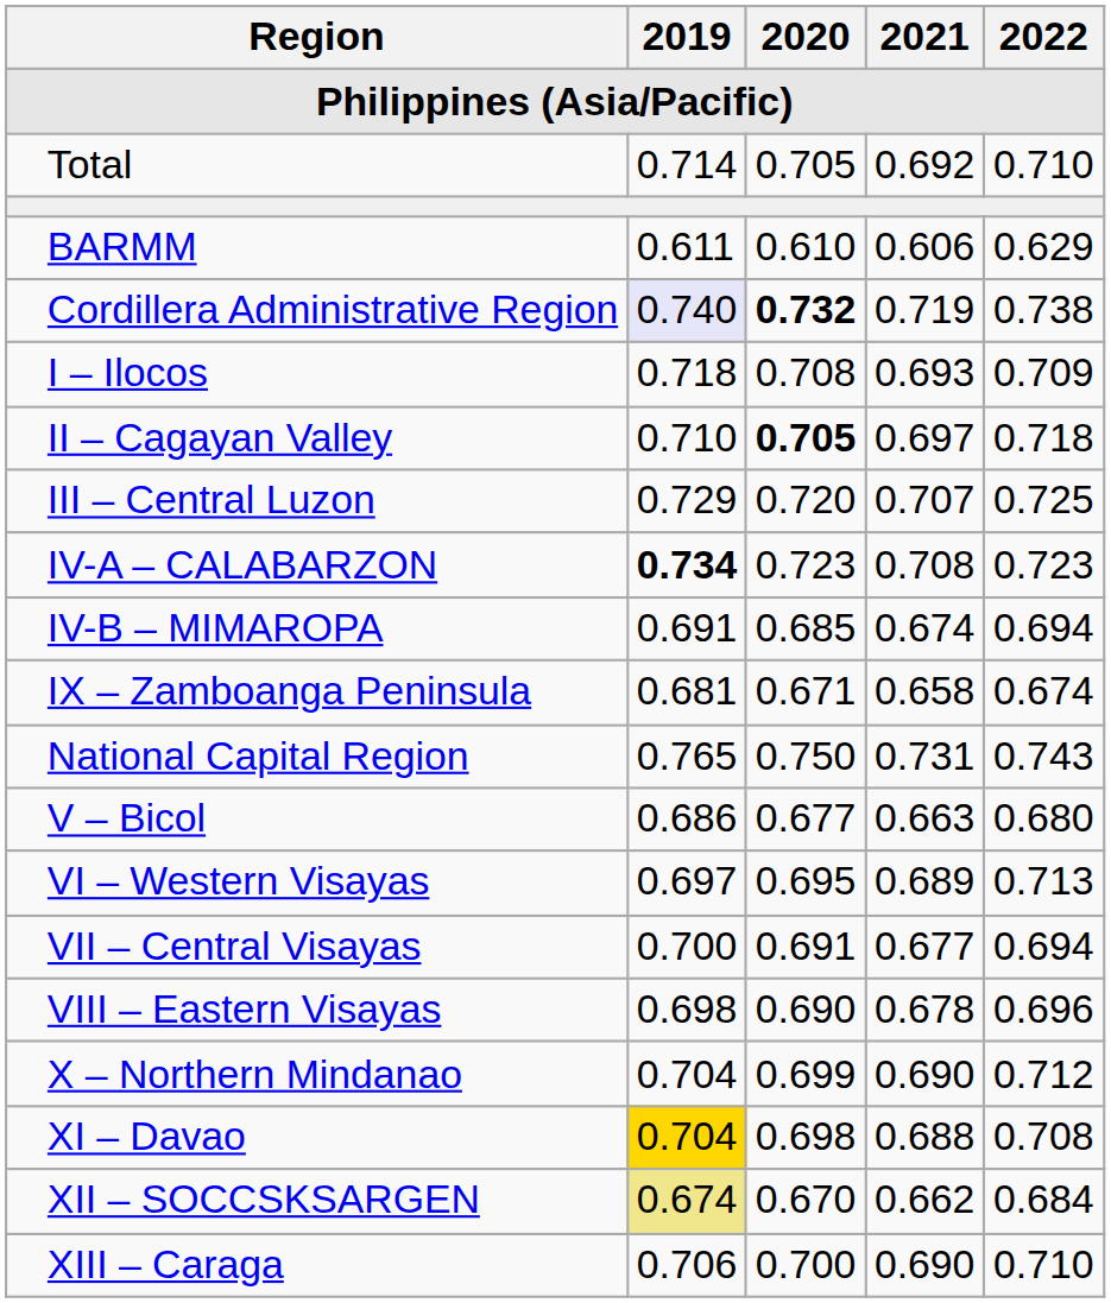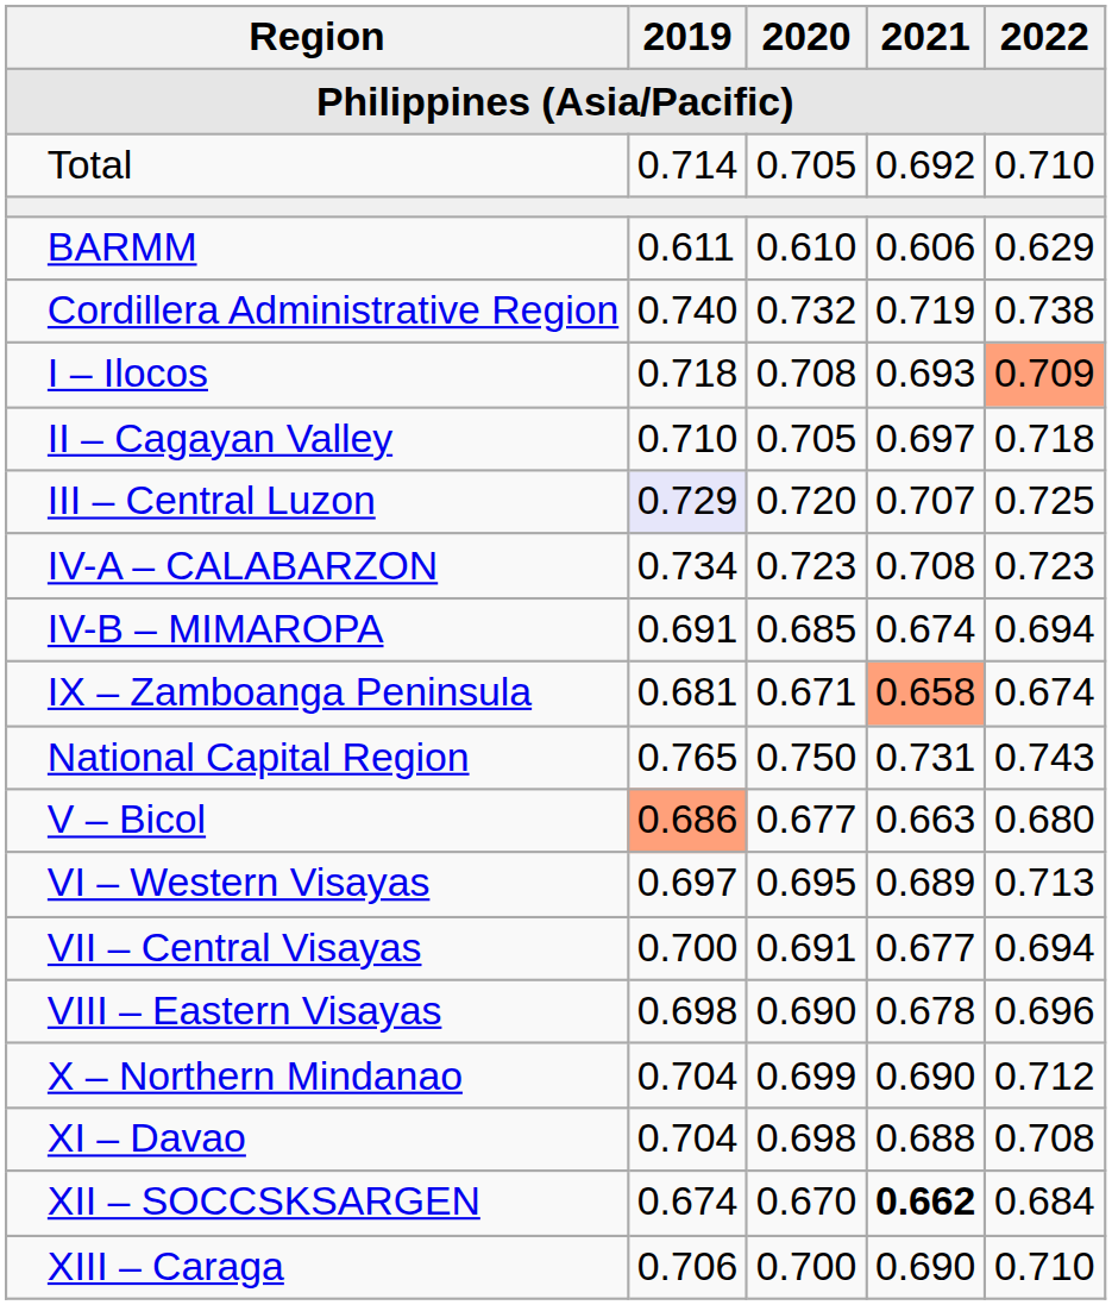 <table class="wikitable sortable">
 <tr>
 <th scope="col">Region</th>
 <th scope="col">2019</th>
 <th scope="col">2020</th>
 <th scope="col">2021</th>
 <th scope="col">2022</th>
 </tr>
 <tr>
 <th scope="row" colspan="5" style="background:#e6e6e6;">Philippines (Asia/Pacific)</th>
 </tr>
 <tr>
 <td style="padding-left:1em;">Total</td>
 <td>0.714</td>
 <td>0.705</td>
 <td>0.692</td>
 <td>0.710</td>
 </tr>
 <tr>
 <th scope="row" colspan="5" style="background:#f0f0f0;"></th>
 </tr>
 <tr>
 <td style="padding-left:1em;"><a href='#'>BARMM</a></td>
 <td>0.611</td>
 <td>0.610</td>
 <td>0.606</td>
 <td>0.629</td>
 </tr>
 <tr>
 <td style="padding-left:1em;"><a href='#'>Cordillera Administrative Region</a></td>
-<td style="background: lavender;">0.740</td>
-<td><strong>0.732</strong></td>
+<td>0.740</td>
+<td>0.732</td>
 <td>0.719</td>
 <td>0.738</td>
 </tr>
 <tr>
 <td style="padding-left:1em;"><a href='#'>I – Ilocos</a></td>
 <td>0.718</td>
 <td>0.708</td>
 <td>0.693</td>
-<td>0.709</td>
+<td style="background: lightsalmon;">0.709</td>
 </tr>
 <tr>
 <td style="padding-left:1em;"><a href='#'>II – Cagayan Valley</a></td>
 <td>0.710</td>
-<td><strong>0.705</strong></td>
+<td>0.705</td>
 <td>0.697</td>
 <td>0.718</td>
 </tr>
 <tr>
 <td style="padding-left:1em;"><a href='#'>III – Central Luzon</a></td>
-<td>0.729</td>
+<td style="background: lavender;">0.729</td>
 <td>0.720</td>
 <td>0.707</td>
 <td>0.725</td>
 </tr>
 <tr>
 <td style="padding-left:1em;"><a href='#'>IV-A – CALABARZON</a></td>
-<td><strong>0.734</strong></td>
+<td>0.734</td>
 <td>0.723</td>
 <td>0.708</td>
 <td>0.723</td>
 </tr>
 <tr>
 <td style="padding-left:1em;"><a href='#'>IV-B – MIMAROPA</a></td>
 <td>0.691</td>
 <td>0.685</td>
 <td>0.674</td>
 <td>0.694</td>
 </tr>
 <tr>
 <td style="padding-left:1em;"><a href='#'>IX – Zamboanga Peninsula</a></td>
 <td>0.681</td>
 <td>0.671</td>
-<td>0.658</td>
+<td style="background: lightsalmon;">0.658</td>
 <td>0.674</td>
 </tr>
 <tr>
 <td style="padding-left:1em;"><a href='#'>National Capital Region</a></td>
 <td>0.765</td>
 <td>0.750</td>
 <td>0.731</td>
 <td>0.743</td>
 </tr>
 <tr>
 <td style="padding-left:1em;"><a href='#'>V – Bicol</a></td>
-<td>0.686</td>
+<td style="background: lightsalmon;">0.686</td>
 <td>0.677</td>
 <td>0.663</td>
 <td>0.680</td>
 </tr>
 <tr>
 <td style="padding-left:1em;"><a href='#'>VI – Western Visayas</a></td>
 <td>0.697</td>
 <td>0.695</td>
 <td>0.689</td>
 <td>0.713</td>
 </tr>
 <tr>
 <td style="padding-left:1em;"><a href='#'>VII – Central Visayas</a></td>
 <td>0.700</td>
 <td>0.691</td>
 <td>0.677</td>
 <td>0.694</td>
 </tr>
 <tr>
 <td style="padding-left:1em;"><a href='#'>VIII – Eastern Visayas</a></td>
 <td>0.698</td>
 <td>0.690</td>
 <td>0.678</td>
 <td>0.696</td>
 </tr>
 <tr>
 <td style="padding-left:1em;"><a href='#'>X – Northern Mindanao</a></td>
 <td>0.704</td>
 <td>0.699</td>
 <td>0.690</td>
 <td>0.712</td>
 </tr>
 <tr>
 <td style="padding-left:1em;"><a href='#'>XI – Davao</a></td>
-<td style="background: gold;">0.704</td>
+<td>0.704</td>
 <td>0.698</td>
 <td>0.688</td>
 <td>0.708</td>
 </tr>
 <tr>
 <td style="padding-left:1em;"><a href='#'>XII – SOCCSKSARGEN</a></td>
-<td style="background: khaki;">0.674</td>
+<td>0.674</td>
 <td>0.670</td>
-<td>0.662</td>
+<td><strong>0.662</strong></td>
 <td>0.684</td>
 </tr>
 <tr>
 <td style="padding-left:1em;"><a href='#'>XIII – Caraga</a></td>
 <td>0.706</td>
 <td>0.700</td>
 <td>0.690</td>
 <td>0.710</td>
 </tr>
 </table>
